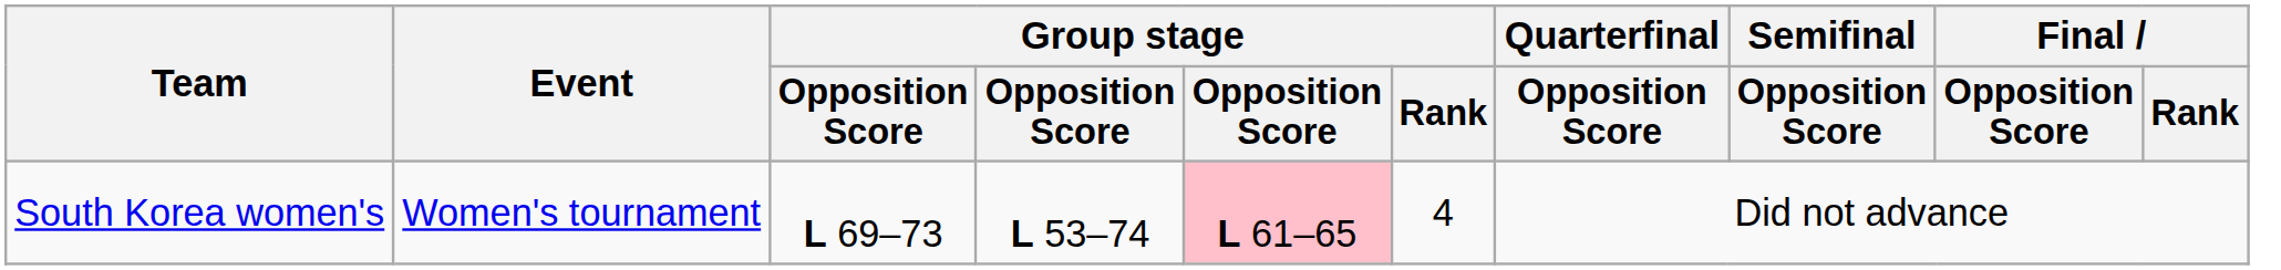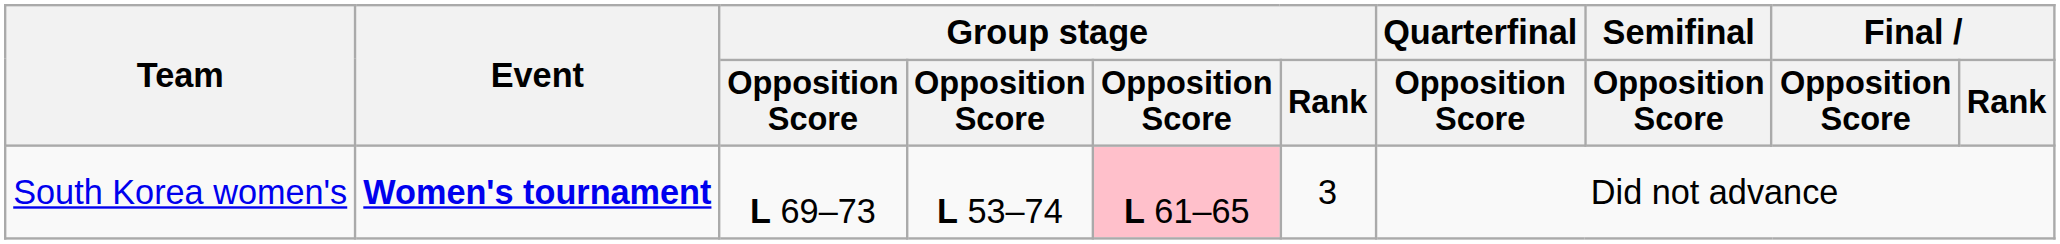 <table class="wikitable" style="font-size:90%">
 <tr>
 <th rowspan="2">Team</th>
 <th rowspan="2">Event</th>
 <th colspan="4">Group stage</th>
 <th>Quarterfinal</th>
 <th>Semifinal</th>
 <th colspan="2">Final / </th>
 </tr>
 <tr style="font-size:95%">
 <th>Opposition<br>Score</th>
 <th>Opposition<br>Score</th>
 <th>Opposition<br>Score</th>
 <th>Rank</th>
 <th>Opposition<br>Score</th>
 <th>Opposition<br>Score</th>
 <th>Opposition<br>Score</th>
 <th>Rank</th>
 </tr>
 <tr style="text-align:center">
 <td style="text-align:left"><a href='#'>South Korea women's</a></td>
-<td style="text-align:left"><a href='#'>Women's tournament</a></td>
+<td style="text-align:left"><strong><a href='#'>Women's tournament</a></strong></td>
 <td><br><strong>L</strong> 69–73</td>
 <td><br><strong>L</strong> 53–74</td>
 <td style="background: pink;"><br><strong>L</strong> 61–65</td>
-<td>4</td>
+<td>3</td>
 <td colspan=4>Did not advance</td>
 </tr>
 </table>
